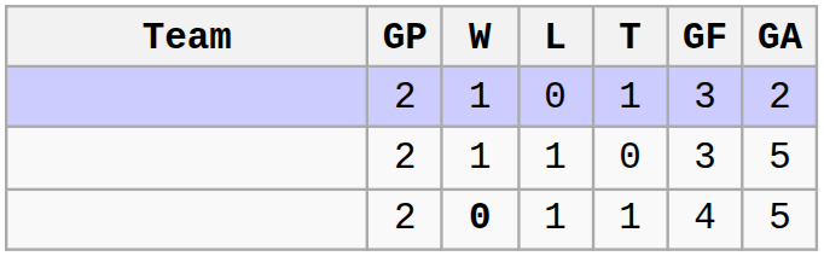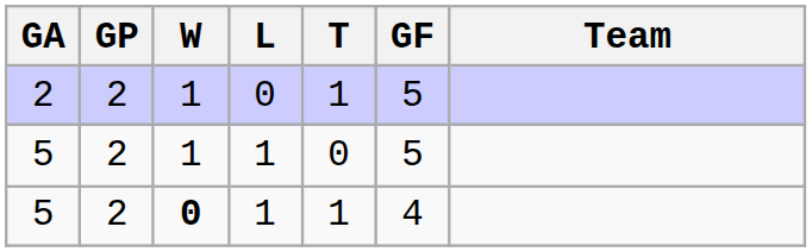 <table class="wikitable" style="text-align:center">
 <tr>
-<th width="120">Team</th>
+<th width="20">GA</th>
 <th width="20">GP</th>
 <th width="20">W</th>
 <th width="20">L</th>
 <th width="20">T</th>
 <th width="20">GF</th>
-<th width="20">GA</th>
+<th width="120">Team</th>
 </tr>
 <tr bgcolor="#ccccff">
-<td align=left></td>
+<td>2</td>
 <td>2</td>
 <td>1</td>
 <td>0</td>
 <td>1</td>
-<td>3</td>
-<td>2</td>
+<td>5</td>
+<td align=left></td>
 </tr>
 <tr>
-<td align=left></td>
+<td>5</td>
 <td>2</td>
 <td>1</td>
 <td>1</td>
 <td>0</td>
-<td>3</td>
 <td>5</td>
+<td align=left></td>
 </tr>
 <tr>
-<td align=left></td>
+<td>5</td>
 <td>2</td>
 <td><strong>0</strong></td>
 <td>1</td>
 <td>1</td>
 <td>4</td>
-<td>5</td>
+<td align=left></td>
 </tr>
 </table>
